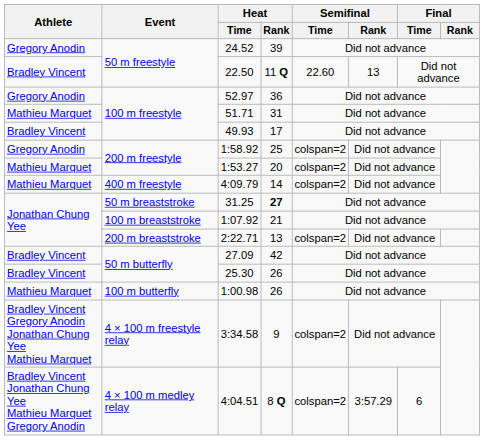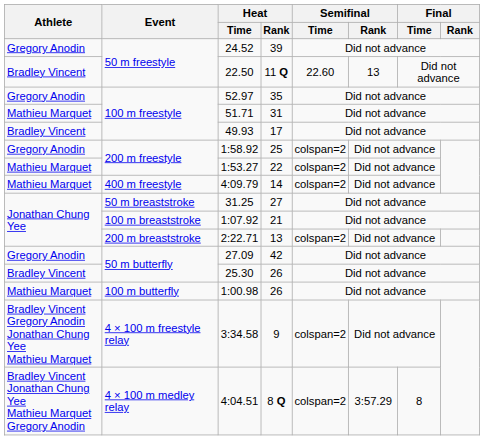 <table class=wikitable style=font-size:90%>
 <tr>
 <th rowspan=2>Athlete</th>
 <th rowspan=2>Event</th>
 <th colspan=2>Heat</th>
 <th colspan=2>Semifinal</th>
 <th colspan=2>Final</th>
 </tr>
 <tr style=font-size:95%>
 <th>Time</th>
 <th>Rank</th>
 <th>Time</th>
 <th>Rank</th>
 <th>Time</th>
 <th>Rank</th>
 </tr>
 <tr align=center>
 <td align=left><a href='#'>Gregory Anodin</a></td>
 <td align=left rowspan=2><a href='#'>50 m freestyle</a></td>
 <td>24.52</td>
 <td>39</td>
 <td colspan=4>Did not advance</td>
 </tr>
 <tr align=center>
 <td align=left><a href='#'>Bradley Vincent</a></td>
 <td>22.50</td>
 <td>11 <strong>Q</strong></td>
 <td>22.60</td>
 <td>13</td>
 <td colspan=2>Did not advance</td>
 </tr>
 <tr align=center>
 <td align=left><a href='#'>Gregory Anodin</a></td>
 <td align=left rowspan=3><a href='#'>100 m freestyle</a></td>
 <td>52.97</td>
-<td>36</td>
+<td>35</td>
 <td colspan=4>Did not advance</td>
 </tr>
 <tr align=center>
 <td align=left><a href='#'>Mathieu Marquet</a></td>
 <td>51.71</td>
 <td>31</td>
 <td colspan=4>Did not advance</td>
 </tr>
 <tr align=center>
 <td align=left><a href='#'>Bradley Vincent</a></td>
 <td>49.93</td>
 <td>17</td>
 <td colspan=4>Did not advance</td>
 </tr>
 <tr align=center>
 <td align=left><a href='#'>Gregory Anodin</a></td>
 <td align=left rowspan=2><a href='#'>200 m freestyle</a></td>
 <td>1:58.92</td>
 <td>25</td>
 <td>colspan=2 </td>
 <td colspan=2>Did not advance</td>
 </tr>
 <tr align=center>
 <td align=left><a href='#'>Mathieu Marquet</a></td>
 <td>1:53.27</td>
-<td>20</td>
+<td>22</td>
 <td>colspan=2 </td>
 <td colspan=2>Did not advance</td>
 </tr>
 <tr align=center>
 <td align=left><a href='#'>Mathieu Marquet</a></td>
 <td align=left><a href='#'>400 m freestyle</a></td>
 <td>4:09.79</td>
 <td>14</td>
 <td>colspan=2 </td>
 <td colspan=2>Did not advance</td>
 </tr>
 <tr align=center>
 <td align=left rowspan=3><a href='#'>Jonathan Chung Yee</a></td>
 <td align=left><a href='#'>50 m breaststroke</a></td>
 <td>31.25</td>
-<td><strong>27</strong></td>
+<td>27</td>
 <td colspan=4>Did not advance</td>
 </tr>
 <tr align=center>
 <td align=left><a href='#'>100 m breaststroke</a></td>
 <td>1:07.92</td>
 <td>21</td>
 <td colspan=4>Did not advance</td>
 </tr>
 <tr align=center>
 <td align=left><a href='#'>200 m breaststroke</a></td>
 <td>2:22.71</td>
 <td>13</td>
 <td>colspan=2 </td>
 <td colspan=2>Did not advance</td>
 </tr>
 <tr align=center>
-<td align=left><a href='#'>Bradley Vincent</a></td>
+<td align=left><a href='#'>Gregory Anodin</a></td>
 <td align=left rowspan=2><a href='#'>50 m butterfly</a></td>
 <td>27.09</td>
 <td>42</td>
 <td colspan=4>Did not advance</td>
 </tr>
 <tr align=center>
 <td align=left><a href='#'>Bradley Vincent</a></td>
 <td>25.30</td>
 <td>26</td>
 <td colspan=4>Did not advance</td>
 </tr>
 <tr align=center>
 <td align=left><a href='#'>Mathieu Marquet</a></td>
 <td align=left><a href='#'>100 m butterfly</a></td>
 <td>1:00.98</td>
 <td>26</td>
 <td colspan=4>Did not advance</td>
 </tr>
 <tr align=center>
 <td align=left><a href='#'>Bradley Vincent</a><br><a href='#'>Gregory Anodin</a><br><a href='#'>Jonathan Chung Yee</a><br><a href='#'>Mathieu Marquet</a></td>
 <td align=left><a href='#'>4 × 100 m freestyle relay</a></td>
 <td>3:34.58</td>
 <td>9</td>
 <td>colspan=2 </td>
 <td colspan=2>Did not advance</td>
 </tr>
 <tr align=center>
 <td align=left><a href='#'>Bradley Vincent</a><br><a href='#'>Jonathan Chung Yee</a><br><a href='#'>Mathieu Marquet</a><br><a href='#'>Gregory Anodin</a></td>
 <td align=left><a href='#'>4 × 100 m medley relay</a></td>
 <td>4:04.51</td>
 <td>8 <strong>Q</strong></td>
 <td>colspan=2 </td>
 <td>3:57.29</td>
-<td>6</td>
+<td>8</td>
 </tr>
 </table>
